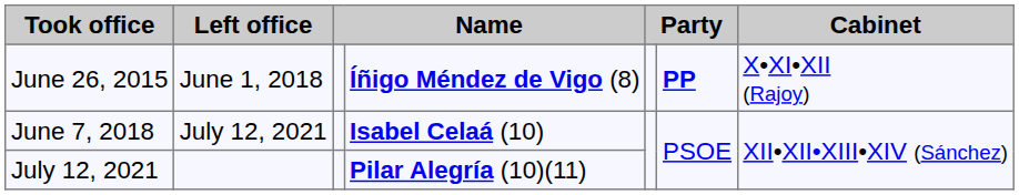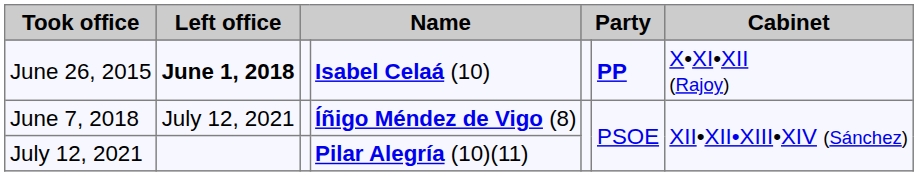 <table bgcolor="#f7f8ff" cellpadding="3" cellspacing="0" border="1" style="font-size: 95%; border: gray solid 1px; border-collapse: collapse;">
 <tr bgcolor="#CCCCCC">
 <th align="center">Took office</th>
 <th align="center">Left office</th>
 <th colspan="2">Name</th>
 <th colspan="2">Party</th>
 <th align="center">Cabinet</th>
 </tr>
 <tr>
 <td>June 26, 2015</td>
-<td>June 1, 2018</td>
+<td><strong>June 1, 2018</strong></td>
 <td></td>
-<td><strong><a href='#'>Íñigo Méndez de Vigo</a></strong>  (8)</td>
+<td><strong><a href='#'>Isabel Celaá</a></strong> (10)</td>
 <td style="background-color: "></td>
 <td><strong><a href='#'>PP</a></strong></td>
 <td><a href='#'>X</a>•<a href='#'>XI</a>•<a href='#'>XII</a><br><small>(<a href='#'>Rajoy</a>)</small></td>
 </tr>
 <tr>
 <td>June 7, 2018</td>
 <td>July 12, 2021</td>
 <td></td>
-<td><strong><a href='#'>Isabel Celaá</a></strong> (10)</td>
+<td><strong><a href='#'>Íñigo Méndez de Vigo</a></strong>  (8)</td>
 <td rowspan="2" style="background-color: "></td>
 <td rowspan="2"><a href='#'>PSOE</a></td>
 <td rowspan="2"><a href='#'>XII</a>•<a href='#'>XII•XIII</a>•<a href='#'>XIV</a> <small>(<a href='#'>Sánchez</a>)</small></td>
 </tr>
 <tr>
 <td>July 12, 2021</td>
 <td></td>
 <td></td>
 <td><strong><a href='#'>Pilar Alegría</a></strong> (10)(11)</td>
 </tr>
 </table>
